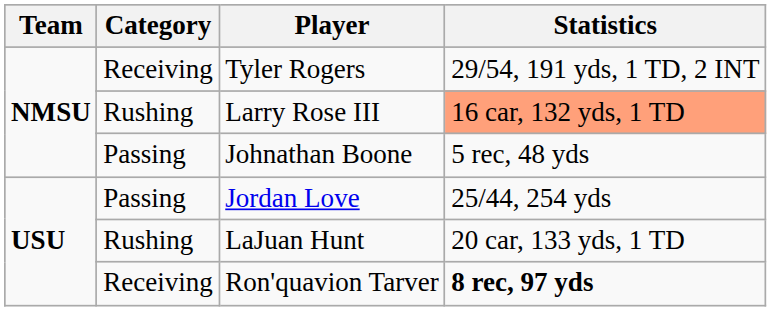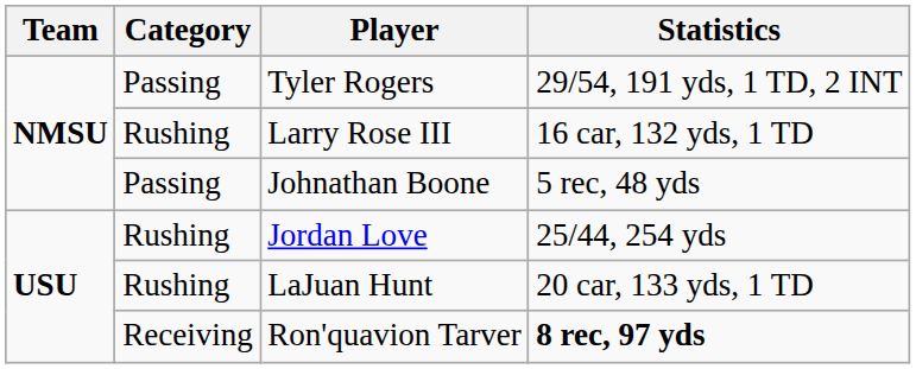 <table class="wikitable">
 <tr>
 <th>Team</th>
 <th>Category</th>
 <th>Player</th>
 <th>Statistics</th>
 </tr>
 <tr>
 <td rowspan=3><strong>NMSU</strong></td>
-<td>Receiving</td>
+<td>Passing</td>
 <td>Tyler Rogers</td>
 <td>29/54, 191 yds, 1 TD, 2 INT</td>
 </tr>
 <tr>
 <td>Rushing</td>
 <td>Larry Rose III</td>
-<td style="background: lightsalmon;">16 car, 132 yds, 1 TD</td>
+<td>16 car, 132 yds, 1 TD</td>
 </tr>
 <tr>
 <td>Passing</td>
 <td>Johnathan Boone</td>
 <td>5 rec, 48 yds</td>
 </tr>
 <tr>
 <td rowspan=3><strong>USU</strong></td>
-<td>Passing</td>
+<td>Rushing</td>
 <td><a href='#'>Jordan Love</a></td>
 <td>25/44, 254 yds</td>
 </tr>
 <tr>
 <td>Rushing</td>
 <td>LaJuan Hunt</td>
 <td>20 car, 133 yds, 1 TD</td>
 </tr>
 <tr>
 <td>Receiving</td>
 <td>Ron'quavion Tarver</td>
 <td><strong>8 rec, 97 yds</strong></td>
 </tr>
 </table>
